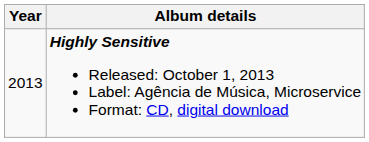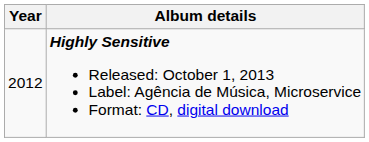 <table class="wikitable" style=text-align:center;>
 <tr>
 <th align="left">Year</th>
 <th align="left">Album details</th>
 </tr>
 <tr>
-<td>2013</td>
+<td>2012</td>
 <td align=left><strong><em>Highly Sensitive</em></strong><br><ul><li>Released: October 1, 2013</li><li>Label: Agência de Música, Microservice</li><li>Format: <a href='#'>CD</a>, <a href='#'>digital download</a></li></ul></td>
 </tr>
 </table>
